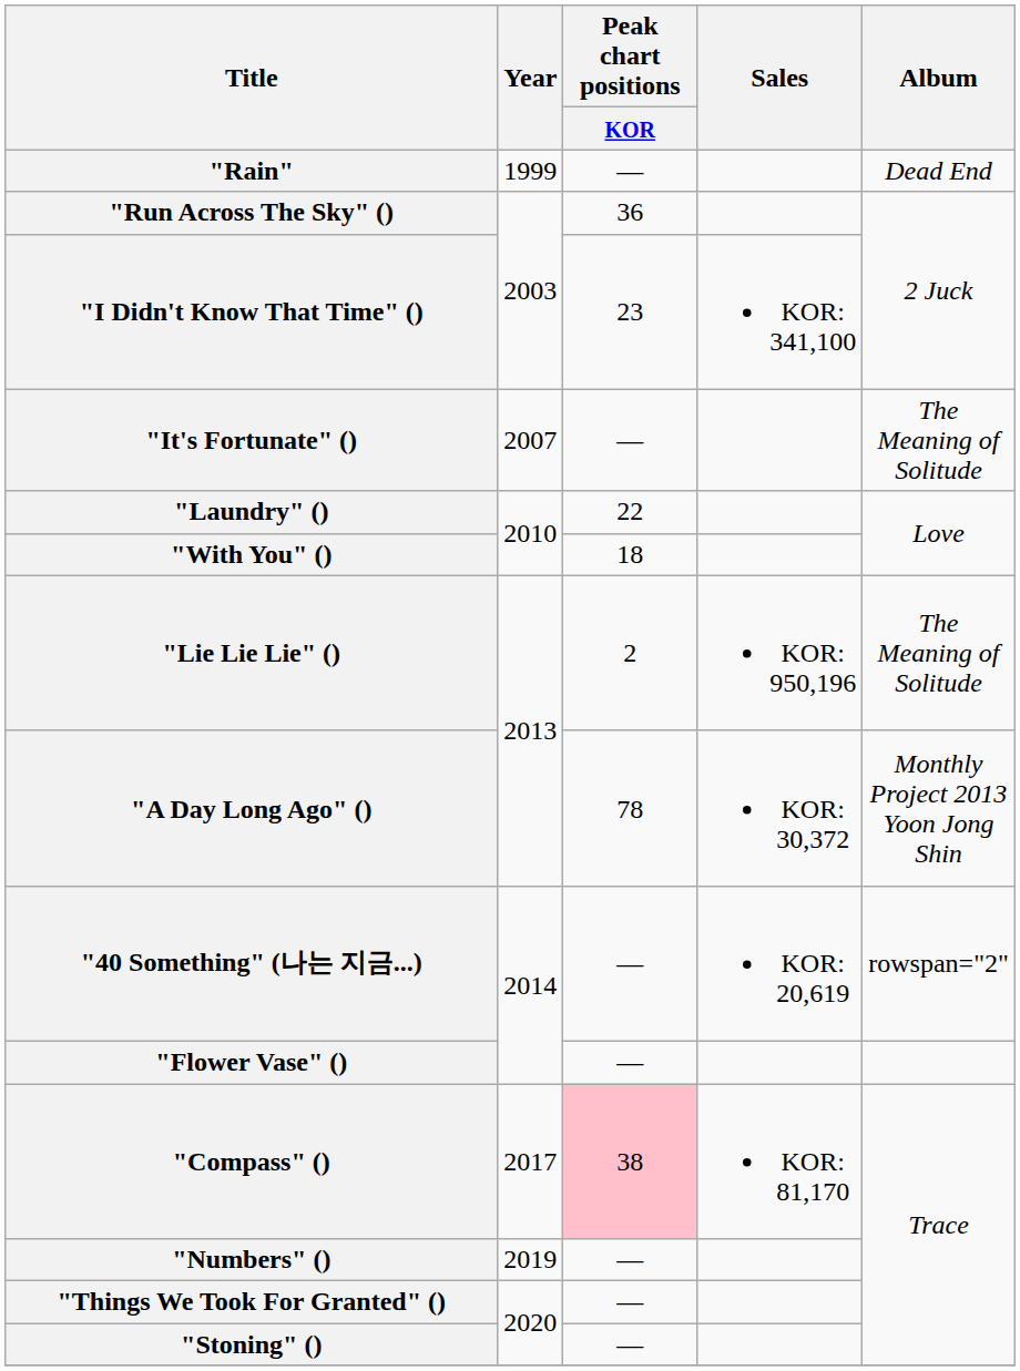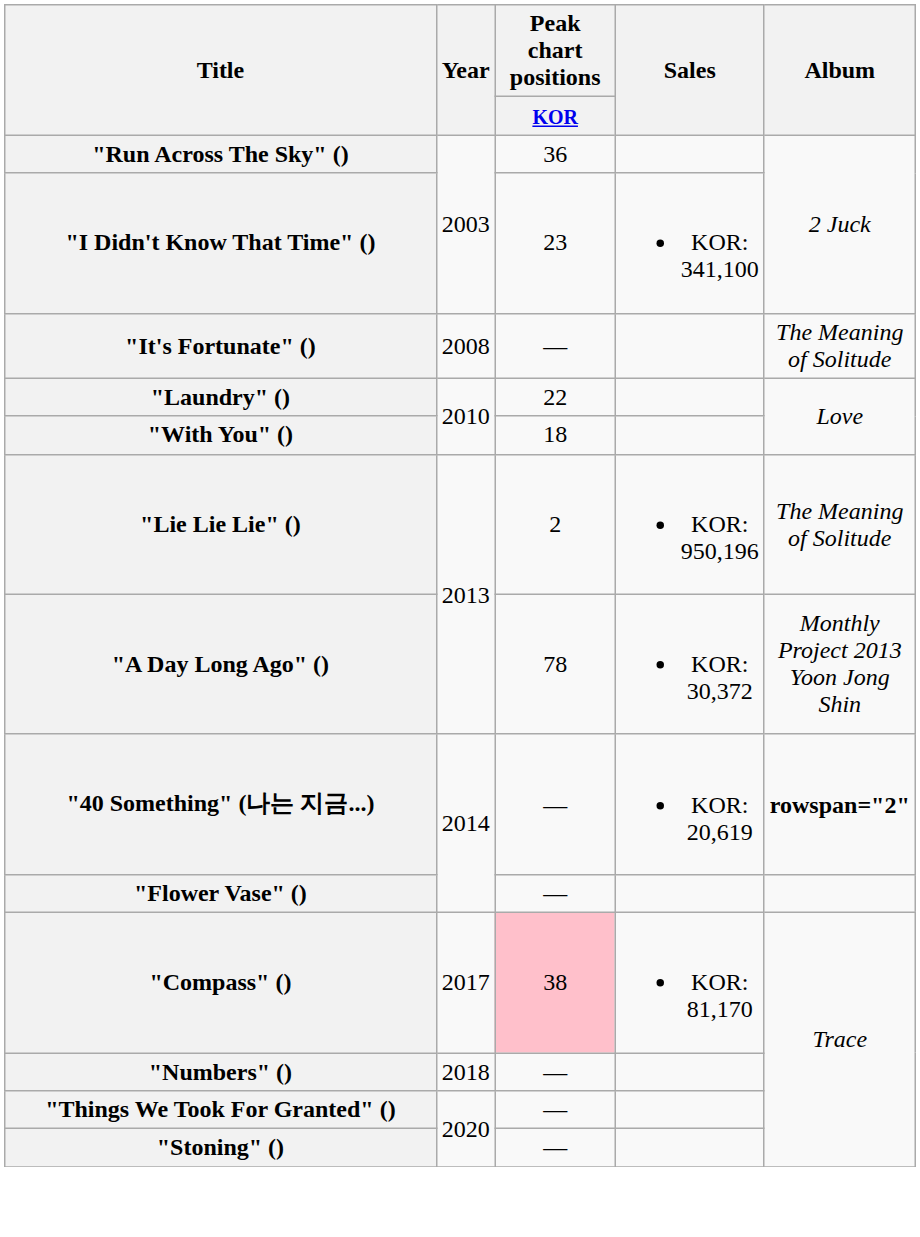 <table class="wikitable plainrowheaders" style="text-align:center;">
 <tr>
 <th rowspan="2" scope="col" style="width:25em;">Title</th>
 <th rowspan="2" scope="col">Year</th>
 <th colspan="1" scope="col" style="width:5em;">Peak chart positions</th>
 <th rowspan="2" scope="col">Sales<br></th>
 <th rowspan="2" scope="col">Album</th>
 </tr>
 <tr>
 <th><small><a href='#'>KOR</a></small><br></th>
-</tr>
-<tr>
-<th scope="row">"Rain"</th>
-<td>1999</td>
-<td>—</td>
-<td></td>
-<td><em>Dead End</em></td>
 </tr>
 <tr>
 <th scope="row">"Run Across The Sky" ()</th>
 <td rowspan="2">2003</td>
 <td>36</td>
 <td></td>
 <td rowspan="2"><em>2 Juck</em></td>
 </tr>
 <tr>
 <th scope="row">"I Didn't Know That Time" ()</th>
 <td>23</td>
 <td><br><ul><li>KOR: 341,100</li></ul></td>
 </tr>
 <tr>
 <th scope="row">"It's Fortunate" ()</th>
-<td>2007</td>
+<td>2008</td>
 <td>—</td>
 <td></td>
 <td><em>The Meaning of Solitude</em></td>
 </tr>
 <tr>
 <th scope="row">"Laundry" ()</th>
 <td rowspan="2">2010</td>
 <td>22</td>
 <td></td>
 <td rowspan="2"><em>Love</em></td>
 </tr>
 <tr>
 <th scope="row">"With You" ()</th>
 <td>18</td>
 <td></td>
 </tr>
 <tr>
 <th scope="row">"Lie Lie Lie" ()</th>
 <td rowspan="2">2013</td>
 <td>2</td>
 <td><br><ul><li>KOR: 950,196</li></ul></td>
 <td><em>The Meaning of Solitude</em></td>
 </tr>
 <tr>
 <th scope="row">"A Day Long Ago" () </th>
 <td>78</td>
 <td><br><ul><li>KOR: 30,372</li></ul></td>
 <td><em>Monthly Project 2013 Yoon Jong Shin</em></td>
 </tr>
 <tr>
 <th scope="row">"40 Something" (나는 지금...)</th>
 <td rowspan="2">2014</td>
 <td>—</td>
 <td><br><ul><li>KOR: 20,619</li></ul></td>
-<td>rowspan="2" </td>
+<td><strong>rowspan="2" </strong></td>
 </tr>
 <tr>
 <th scope="row">"Flower Vase" () </th>
 <td>—</td>
 <td></td>
 </tr>
 <tr>
 <th scope="row">"Compass" ()</th>
 <td>2017</td>
 <td style="background: pink;">38</td>
 <td><br><ul><li>KOR: 81,170</li></ul></td>
 <td rowspan="4"><em>Trace</em></td>
 </tr>
 <tr>
 <th scope="row">"Numbers" ()</th>
-<td>2019</td>
+<td>2018</td>
 <td>—</td>
 <td></td>
 </tr>
 <tr>
 <th scope="row">"Things We Took For Granted" ()</th>
 <td rowspan="2">2020</td>
 <td>—</td>
 <td></td>
 </tr>
 <tr>
 <th scope="row">"Stoning" () </th>
 <td>—</td>
 <td></td>
 </tr>
 <tr>
 </tr>
 </table>
